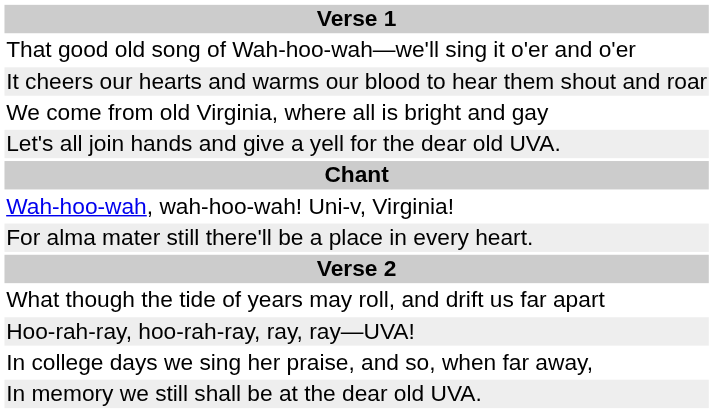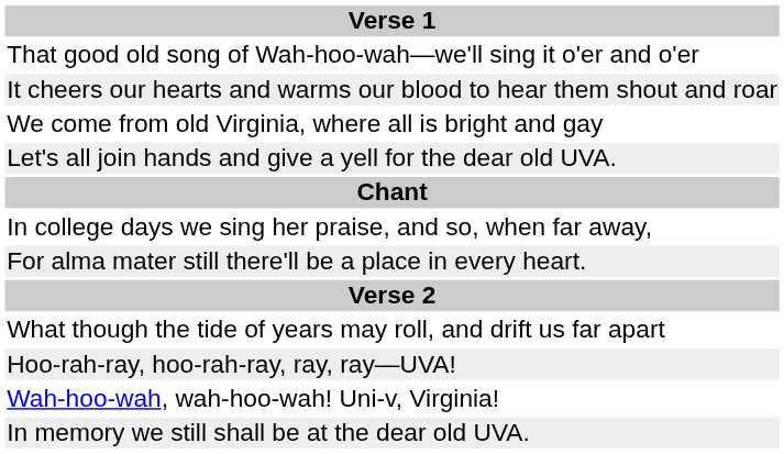 <table class="toccolours" align="center">
 <tr>
 <th bgcolor=#cccccc>Verse 1</th>
 </tr>
 <tr>
 <td>That good old song of Wah-hoo-wah—we'll sing it o'er and o'er<br></td>
 </tr>
 <tr>
 <td bgcolor=#eeeeee>It cheers our hearts and warms our blood to hear them shout and roar<br></td>
 </tr>
 <tr>
 <td>We come from old Virginia, where all is bright and gay<br></td>
 </tr>
 <tr>
 <td bgcolor=#eeeeee>Let's all join hands and give a yell for the dear old UVA.<br></td>
 </tr>
 <tr>
 <th bgcolor=#cccccc>Chant</th>
 </tr>
 <tr>
-<td><a href='#'>Wah-hoo-wah</a>, wah-hoo-wah!  Uni-v, Virginia!<br></td>
+<td>In college days we sing her praise, and so, when far away,<br></td>
 </tr>
 <tr>
 <td bgcolor=#eeeeee>For alma mater still there'll be a place in every heart.<br></td>
 </tr>
 <tr>
 <th bgcolor=#cccccc>Verse 2</th>
 </tr>
 <tr>
 <td>What though the tide of years may roll, and drift us far apart<br></td>
 </tr>
 <tr>
 <td bgcolor=#eeeeee>Hoo-rah-ray, hoo-rah-ray, ray, ray—UVA!</td>
 </tr>
 <tr>
-<td>In college days we sing her praise, and so, when far away,<br></td>
+<td><a href='#'>Wah-hoo-wah</a>, wah-hoo-wah!  Uni-v, Virginia!<br></td>
 </tr>
 <tr>
 <td bgcolor=#eeeeee>In memory we still shall be at the dear old UVA.<br></td>
 </tr>
 </table>
